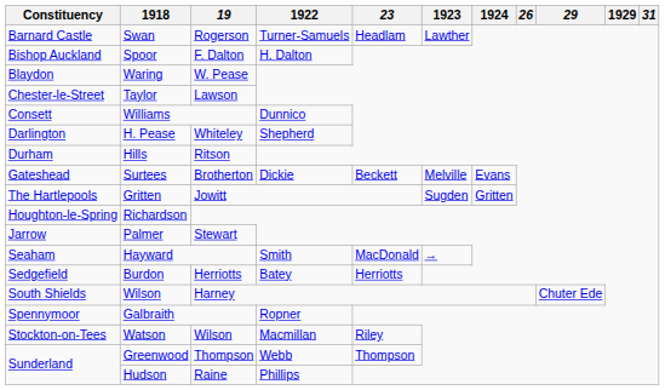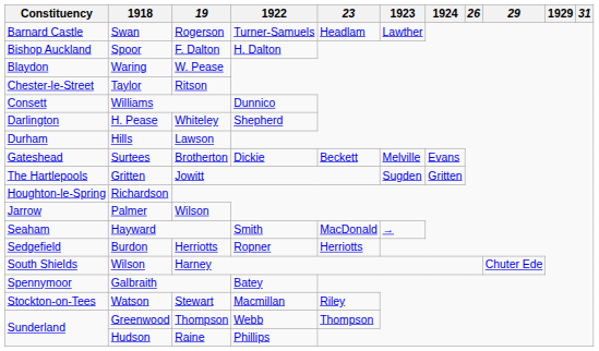 <table class="wikitable">
 <tr>
 <th>Constituency</th>
 <th>1918</th>
 <th><em>19</em></th>
 <th>1922</th>
 <th><em>23</em></th>
 <th>1923</th>
 <th>1924</th>
 <th><em>26</em></th>
 <th><em>29</em></th>
 <th>1929</th>
 <th><em>31</em></th>
 </tr>
 <tr>
 <td><a href='#'>Barnard Castle</a></td>
 <td><a href='#'>Swan</a></td>
 <td><a href='#'>Rogerson</a></td>
 <td><a href='#'>Turner-Samuels</a></td>
 <td><a href='#'>Headlam</a></td>
 <td><a href='#'>Lawther</a></td>
 </tr>
 <tr>
 <td><a href='#'>Bishop Auckland</a></td>
 <td><a href='#'>Spoor</a></td>
 <td><a href='#'>F. Dalton</a></td>
 <td><a href='#'>H. Dalton</a></td>
 </tr>
 <tr>
 <td><a href='#'>Blaydon</a></td>
 <td><a href='#'>Waring</a></td>
 <td><a href='#'>W. Pease</a></td>
 </tr>
 <tr>
 <td><a href='#'>Chester-le-Street</a></td>
 <td><a href='#'>Taylor</a></td>
-<td><a href='#'>Lawson</a></td>
+<td><a href='#'>Ritson</a></td>
 </tr>
 <tr>
 <td><a href='#'>Consett</a></td>
 <td colspan="2"><a href='#'>Williams</a></td>
 <td><a href='#'>Dunnico</a></td>
 </tr>
 <tr>
 <td><a href='#'>Darlington</a></td>
 <td><a href='#'>H. Pease</a></td>
 <td><a href='#'>Whiteley</a></td>
 <td><a href='#'>Shepherd</a></td>
 </tr>
 <tr>
 <td><a href='#'>Durham</a></td>
 <td><a href='#'>Hills</a></td>
-<td><a href='#'>Ritson</a></td>
+<td><a href='#'>Lawson</a></td>
 </tr>
 <tr>
 <td><a href='#'>Gateshead</a></td>
 <td><a href='#'>Surtees</a></td>
 <td><a href='#'>Brotherton</a></td>
 <td><a href='#'>Dickie</a></td>
 <td><a href='#'>Beckett</a></td>
 <td><a href='#'>Melville</a></td>
 <td><a href='#'>Evans</a></td>
 </tr>
 <tr>
 <td><a href='#'>The Hartlepools</a></td>
 <td><a href='#'>Gritten</a></td>
 <td colspan="3"><a href='#'>Jowitt</a></td>
 <td><a href='#'>Sugden</a></td>
 <td><a href='#'>Gritten</a></td>
 </tr>
 <tr>
 <td><a href='#'>Houghton-le-Spring</a></td>
 <td><a href='#'>Richardson</a></td>
 </tr>
 <tr>
 <td><a href='#'>Jarrow</a></td>
 <td><a href='#'>Palmer</a></td>
-<td><a href='#'>Stewart</a></td>
+<td><a href='#'>Wilson</a></td>
 </tr>
 <tr>
 <td><a href='#'>Seaham</a></td>
 <td colspan="2"><a href='#'>Hayward</a></td>
 <td><a href='#'>Smith</a></td>
 <td><a href='#'>MacDonald</a></td>
 <td><a href='#'>→</a></td>
 </tr>
 <tr>
 <td><a href='#'>Sedgefield</a></td>
 <td><a href='#'>Burdon</a></td>
 <td><a href='#'>Herriotts</a></td>
-<td><a href='#'>Batey</a></td>
+<td><a href='#'>Ropner</a></td>
 <td><a href='#'>Herriotts</a></td>
 </tr>
 <tr>
 <td><a href='#'>South Shields</a></td>
 <td><a href='#'>Wilson</a></td>
 <td colspan="6"><a href='#'>Harney</a></td>
 <td><a href='#'>Chuter Ede</a></td>
 </tr>
 <tr>
 <td><a href='#'>Spennymoor</a></td>
 <td colspan="2"><a href='#'>Galbraith</a></td>
-<td><a href='#'>Ropner</a></td>
+<td><a href='#'>Batey</a></td>
 </tr>
 <tr>
 <td><a href='#'>Stockton-on-Tees</a></td>
 <td><a href='#'>Watson</a></td>
-<td><a href='#'>Wilson</a></td>
+<td><a href='#'>Stewart</a></td>
 <td><a href='#'>Macmillan</a></td>
 <td><a href='#'>Riley</a></td>
 </tr>
 <tr>
 <td rowspan="2"><a href='#'>Sunderland</a></td>
 <td><a href='#'>Greenwood</a></td>
 <td><a href='#'>Thompson</a></td>
 <td><a href='#'>Webb</a></td>
 <td><a href='#'>Thompson</a></td>
 </tr>
 <tr>
 <td><a href='#'>Hudson</a></td>
 <td><a href='#'>Raine</a></td>
 <td><a href='#'>Phillips</a></td>
 </tr>
 </table>
